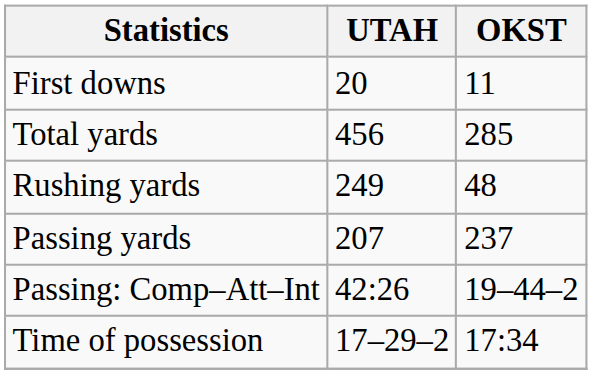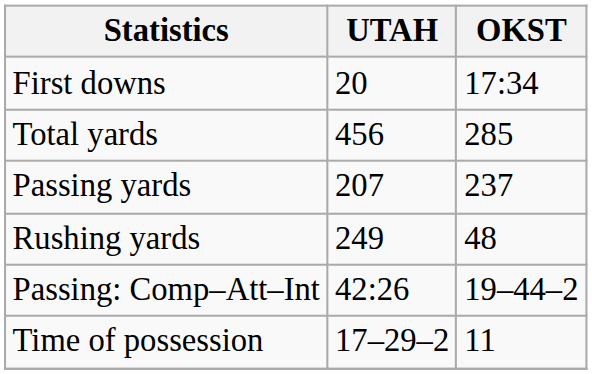 <table class="wikitable" style="float: left;">
 <tr>
 <th>Statistics</th>
 <th>UTAH</th>
 <th>OKST</th>
 </tr>
 <tr>
 <td>First downs</td>
 <td>20</td>
-<td>11</td>
+<td>17:34</td>
 </tr>
 <tr>
 <td>Total yards</td>
 <td>456</td>
 <td>285</td>
 </tr>
 <tr>
+<td>Passing yards</td>
+<td>207</td>
+<td>237</td>
+</tr>
+<tr>
 <td>Rushing yards</td>
 <td>249</td>
 <td>48</td>
-</tr>
-<tr>
-<td>Passing yards</td>
-<td>207</td>
-<td>237</td>
 </tr>
 <tr>
 <td>Passing: Comp–Att–Int</td>
 <td>42:26</td>
 <td>19–44–2</td>
 </tr>
 <tr>
 <td>Time of possession</td>
 <td>17–29–2</td>
-<td>17:34</td>
+<td>11</td>
 </tr>
 <tr>
 </tr>
 </table>
